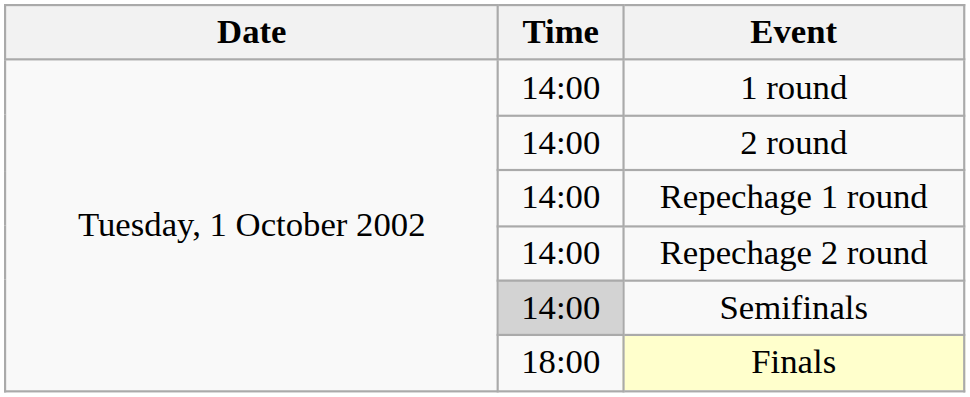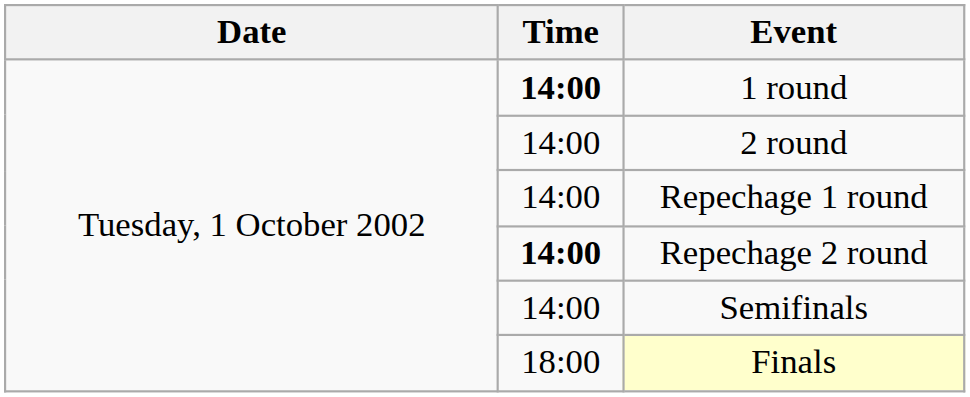 <table class = "wikitable" style="text-align:center;">
 <tr>
 <th width=220>Date</th>
 <th width=50>Time</th>
 <th width=150>Event</th>
 </tr>
 <tr>
 <td rowspan=6>Tuesday, 1 October 2002</td>
-<td>14:00</td>
+<td><strong>14:00</strong></td>
 <td>1 round</td>
 </tr>
 <tr>
 <td>14:00</td>
 <td>2 round</td>
 </tr>
 <tr>
 <td>14:00</td>
 <td>Repechage 1 round</td>
 </tr>
 <tr>
-<td>14:00</td>
+<td><strong>14:00</strong></td>
 <td>Repechage 2 round</td>
 </tr>
 <tr>
-<td style="background: lightgrey;">14:00</td>
+<td>14:00</td>
 <td>Semifinals</td>
 </tr>
 <tr>
 <td>18:00</td>
 <td bgcolor=ffffcc>Finals</td>
 </tr>
 </table>
